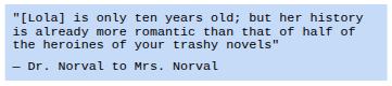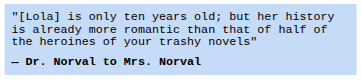 <table class="toccolours" style="float: right; margin-left: 1em; margin-right: 2em; font-size: 85%; background:#c6dbf7; color:black; width:30em; max-width: 40%;" cellspacing="5">
 <tr>
 <td style="text-align: left;">"[Lola] is only ten years old; but her history is already more romantic than that of half of the heroines of your trashy novels"</td>
 </tr>
 <tr>
-<td style="text-align: left;">— Dr. Norval to Mrs. Norval</td>
+<td style="text-align: left;"><strong>— Dr. Norval to Mrs. Norval</strong></td>
 </tr>
 </table>
